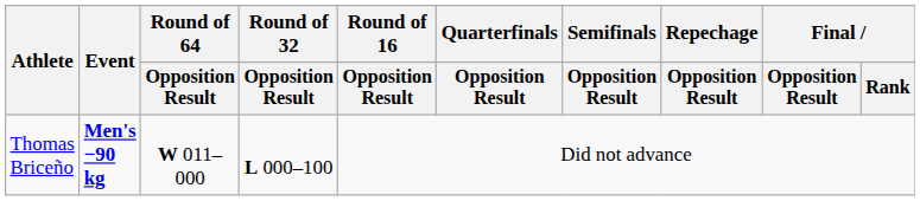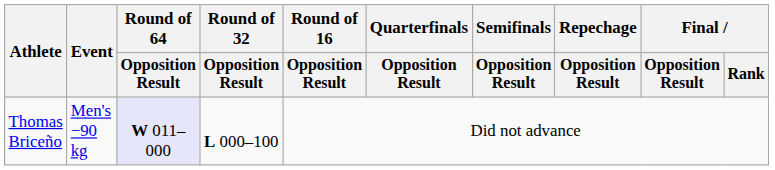 <table class="wikitable" style="font-size:90%">
 <tr>
 <th rowspan="2">Athlete</th>
 <th rowspan="2">Event</th>
 <th>Round of 64</th>
 <th>Round of 32</th>
 <th>Round of 16</th>
 <th>Quarterfinals</th>
 <th>Semifinals</th>
 <th>Repechage</th>
 <th colspan=2>Final / </th>
 </tr>
 <tr style="font-size:95%">
 <th>Opposition<br>Result</th>
 <th>Opposition<br>Result</th>
 <th>Opposition<br>Result</th>
 <th>Opposition<br>Result</th>
 <th>Opposition<br>Result</th>
 <th>Opposition<br>Result</th>
 <th>Opposition<br>Result</th>
 <th>Rank</th>
 </tr>
 <tr align=center>
 <td align=left><a href='#'>Thomas Briceño</a></td>
-<td align=left><strong><a href='#'>Men's −90 kg</a></strong></td>
-<td><br><strong>W</strong> 011–000</td>
+<td align=left><a href='#'>Men's −90 kg</a></td>
+<td style="background: lavender;"><br><strong>W</strong> 011–000</td>
 <td><br><strong>L</strong> 000–100</td>
 <td colspan=6>Did not advance</td>
 </tr>
 </table>
